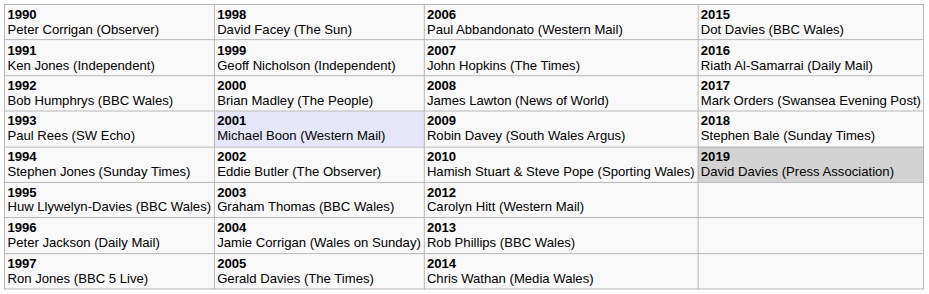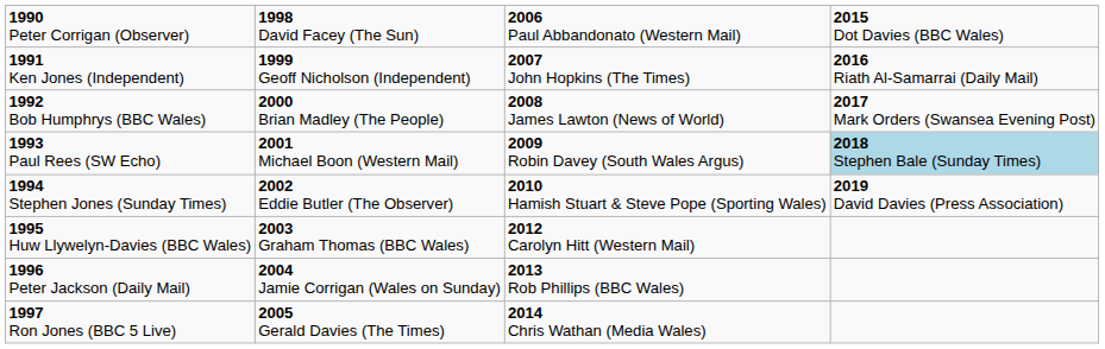 <table class="wikitable">
 <tr>
 <td><strong>1990</strong><br>Peter Corrigan (Observer)</td>
 <td><strong>1998</strong><br>David Facey (The Sun)</td>
 <td><strong>2006</strong><br>Paul Abbandonato (Western Mail)</td>
 <td><strong>2015</strong><br>Dot Davies (BBC Wales)</td>
 </tr>
 <tr>
 <td><strong>1991</strong><br>Ken Jones (Independent)</td>
 <td><strong>1999</strong><br>Geoff Nicholson (Independent)</td>
 <td><strong>2007</strong><br>John Hopkins (The Times)</td>
 <td><strong>2016</strong><br>Riath Al-Samarrai (Daily Mail)</td>
 </tr>
 <tr>
 <td><strong>1992</strong><br>Bob Humphrys (BBC Wales)</td>
 <td><strong>2000</strong><br>Brian Madley (The People)</td>
 <td><strong>2008</strong><br>James Lawton (News of World)</td>
 <td><strong>2017</strong><br>Mark Orders (Swansea Evening Post)</td>
 </tr>
 <tr>
 <td><strong>1993</strong><br>Paul Rees (SW Echo)</td>
-<td style="background: lavender;"><strong>2001</strong><br>Michael Boon (Western Mail)</td>
+<td><strong>2001</strong><br>Michael Boon (Western Mail)</td>
 <td><strong>2009</strong><br>Robin Davey (South Wales Argus)</td>
-<td><strong>2018</strong><br>Stephen Bale (Sunday Times)</td>
+<td style="background: lightblue;"><strong>2018</strong><br>Stephen Bale (Sunday Times)</td>
 </tr>
 <tr>
 <td><strong>1994</strong><br>Stephen Jones (Sunday Times)</td>
 <td><strong>2002</strong><br>Eddie Butler (The Observer)</td>
 <td><strong>2010</strong><br>Hamish Stuart & Steve Pope (Sporting Wales)</td>
-<td style="background: lightgrey;"><strong>2019</strong><br>David Davies (Press Association)</td>
+<td><strong>2019</strong><br>David Davies (Press Association)</td>
 </tr>
 <tr>
 <td><strong>1995</strong><br>Huw Llywelyn-Davies (BBC Wales)</td>
 <td><strong>2003</strong><br>Graham Thomas (BBC Wales)</td>
 <td><strong>2012</strong><br>Carolyn Hitt (Western Mail)</td>
 </tr>
 <tr>
 <td><strong>1996</strong><br>Peter Jackson (Daily Mail)</td>
 <td><strong>2004</strong><br>Jamie Corrigan (Wales on Sunday)</td>
 <td><strong>2013</strong><br>Rob Phillips (BBC Wales)</td>
 <td></td>
 </tr>
 <tr>
 <td><strong>1997</strong><br>Ron Jones (BBC 5 Live)</td>
 <td><strong>2005</strong><br>Gerald Davies (The Times)</td>
 <td><strong>2014</strong><br>Chris Wathan (Media Wales)</td>
 <td></td>
 </tr>
 </table>
